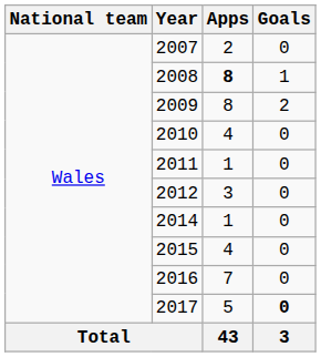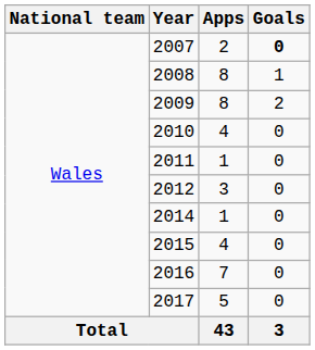 <table class=wikitable style=text-align:center>
 <tr>
 <th>National team</th>
 <th>Year</th>
 <th>Apps</th>
 <th>Goals</th>
 </tr>
 <tr>
 <td rowspan=10><a href='#'>Wales</a></td>
 <td>2007</td>
 <td>2</td>
-<td>0</td>
+<td><strong>0</strong></td>
 </tr>
 <tr>
 <td>2008</td>
-<td><strong>8</strong></td>
+<td>8</td>
 <td>1</td>
 </tr>
 <tr>
 <td>2009</td>
 <td>8</td>
 <td>2</td>
 </tr>
 <tr>
 <td>2010</td>
 <td>4</td>
 <td>0</td>
 </tr>
 <tr>
 <td>2011</td>
 <td>1</td>
 <td>0</td>
 </tr>
 <tr>
 <td>2012</td>
 <td>3</td>
 <td>0</td>
 </tr>
 <tr>
 <td>2014</td>
 <td>1</td>
 <td>0</td>
 </tr>
 <tr>
 <td>2015</td>
 <td>4</td>
 <td>0</td>
 </tr>
 <tr>
 <td>2016</td>
 <td>7</td>
 <td>0</td>
 </tr>
 <tr>
 <td>2017</td>
 <td>5</td>
-<td><strong>0</strong></td>
+<td>0</td>
 </tr>
 <tr>
 <th colspan=2>Total</th>
 <th>43</th>
 <th>3</th>
 </tr>
 </table>
